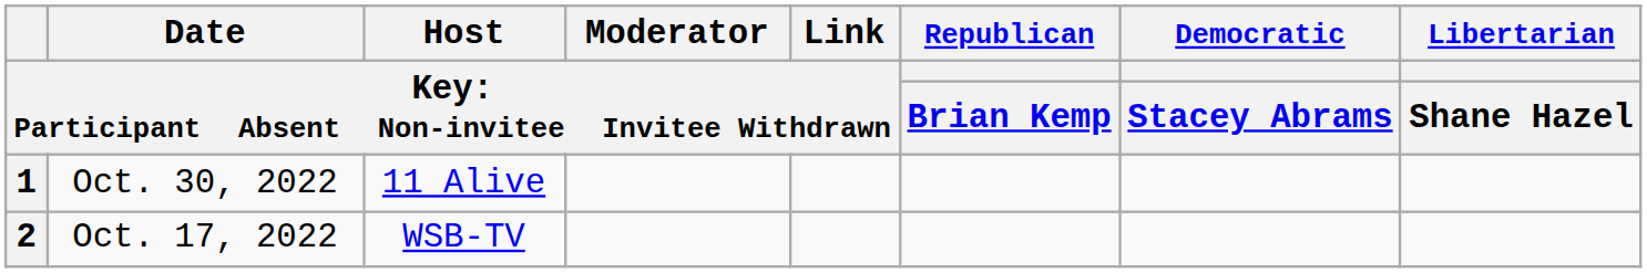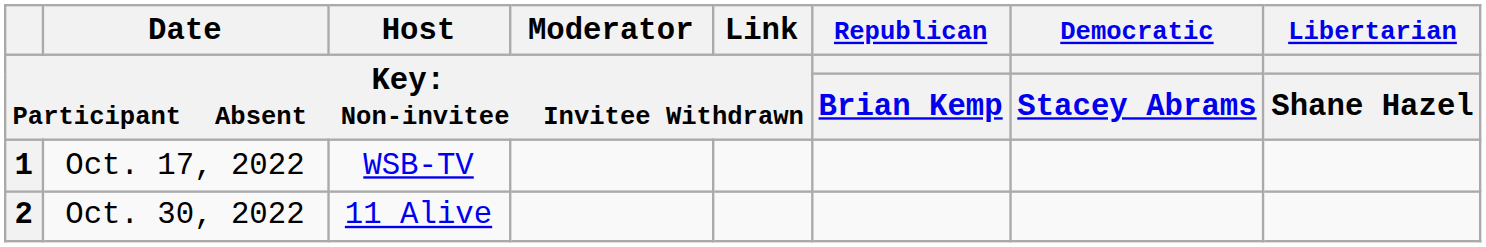 <table class="wikitable" style="text-align:center;">
 <tr>
 <th scope="col"></th>
 <th scope="col">Date</th>
 <th scope="col">Host</th>
 <th scope="col">Moderator</th>
 <th scope="col">Link</th>
 <th scope="col"><small><a href='#'>Republican</a></small></th>
 <th scope="col"><small><a href='#'>Democratic</a></small></th>
 <th scope="col"><small><a href='#'>Libertarian</a></small></th>
 </tr>
 <tr>
 <th colspan="5" rowspan="2">Key:<br> <small>Participant </small>  <small>Absent </small>  <small>Non-invitee </small>  <small>Invitee  Withdrawn</small></th>
 <th scope="col" style="background:"></th>
 <th scope="col" style="background:"></th>
 <th scope="col" style="background:"></th>
 </tr>
 <tr>
 <th scope="col"><a href='#'>Brian Kemp</a></th>
 <th scope="col"><a href='#'>Stacey Abrams</a></th>
 <th scope="col">Shane Hazel</th>
 </tr>
 <tr>
 <th>1</th>
+<td style="white-space:nowrap;">Oct. 17, 2022</td>
+<td style="white-space:nowrap;"><a href='#'>WSB-TV</a></td>
+<td style="white-space:nowrap;"></td>
+<td style="white-space:nowrap;"></td>
+<td></td>
+<td></td>
+<td></td>
+</tr>
+<tr>
+<th>2</th>
 <td style="white-space:nowrap;">Oct. 30, 2022</td>
 <td style="white-space:nowrap;"><a href='#'>11 Alive</a></td>
 <td style="white-space:nowrap;"></td>
 <td style="white-space:nowrap;"></td>
 <td></td>
 <td></td>
 <td></td>
 </tr>
-<tr>
-<th>2</th>
-<td style="white-space:nowrap;">Oct. 17, 2022</td>
-<td style="white-space:nowrap;"><a href='#'>WSB-TV</a></td>
-<td style="white-space:nowrap;"></td>
-<td style="white-space:nowrap;"></td>
-<td></td>
-<td></td>
-<td></td>
-</tr>
 </table>
